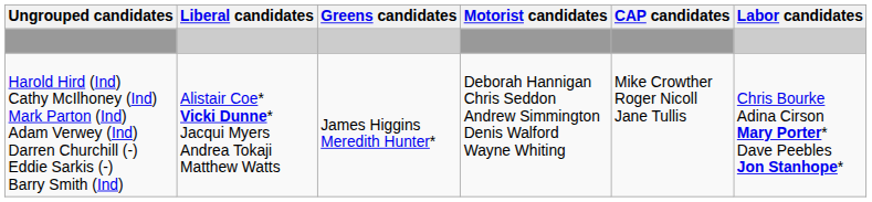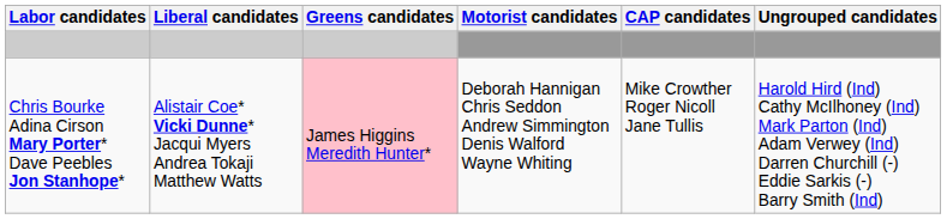 <table class="wikitable">
 <tr>
-<th>Ungrouped  candidates</th>
+<th><a href='#'>Labor</a> candidates</th>
 <th><a href='#'>Liberal</a> candidates</th>
 <th><a href='#'>Greens</a> candidates</th>
 <th><a href='#'>Motorist</a> candidates</th>
 <th><a href='#'>CAP</a> candidates</th>
-<th><a href='#'>Labor</a> candidates</th>
+<th>Ungrouped  candidates</th>
 </tr>
 <tr style="background:#ccc;">
-<td style="background:#999;"> </td>
+<td></td>
 <td></td>
 <td></td>
 <td style="background:#999;"> </td>
 <td style="background:#999;"> </td>
-<td></td>
+<td style="background:#999;"> </td>
 </tr>
 <tr>
-<td valign=top><br><a href='#'>Harold Hird</a> (<a href='#'>Ind</a>)<br> Cathy McIlhoney (<a href='#'>Ind</a>)<br> <a href='#'>Mark Parton</a> (<a href='#'>Ind</a>)<br> Adam Verwey (<a href='#'>Ind</a>)<br> Darren Churchill (-)<br> Eddie Sarkis (-) <br> Barry Smith (<a href='#'>Ind</a>)</td>
+<td><br><a href='#'>Chris Bourke</a> <br> Adina Cirson <br> <strong><a href='#'>Mary Porter</a></strong>* <br> Dave Peebles <br> <strong><a href='#'>Jon Stanhope</a></strong>*</td>
 <td><br><a href='#'>Alistair Coe</a>*<br> <strong><a href='#'>Vicki Dunne</a></strong>* <br> Jacqui Myers<br> Andrea Tokaji<br> Matthew Watts</td>
-<td><br>James Higgins<br> <a href='#'>Meredith Hunter</a>*</td>
+<td style="background: pink;"><br>James Higgins<br> <a href='#'>Meredith Hunter</a>*</td>
 <td valign=top><br>Deborah Hannigan<br> Chris Seddon<br> Andrew Simmington<br> Denis Walford<br> Wayne Whiting</td>
 <td valign=top><br>Mike Crowther<br> Roger Nicoll<br> Jane Tullis</td>
-<td><br><a href='#'>Chris Bourke</a> <br> Adina Cirson <br> <strong><a href='#'>Mary Porter</a></strong>* <br> Dave Peebles <br> <strong><a href='#'>Jon Stanhope</a></strong>*</td>
+<td valign=top><br><a href='#'>Harold Hird</a> (<a href='#'>Ind</a>)<br> Cathy McIlhoney (<a href='#'>Ind</a>)<br> <a href='#'>Mark Parton</a> (<a href='#'>Ind</a>)<br> Adam Verwey (<a href='#'>Ind</a>)<br> Darren Churchill (-)<br> Eddie Sarkis (-) <br> Barry Smith (<a href='#'>Ind</a>)</td>
 </tr>
 </table>
